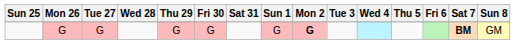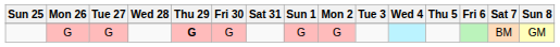 <table class="wikitable" style="margin:0.5em auto; font-size:90%; line-height:1.25em;">
 <tr align="center">
 <th>Sun 25</th>
 <th>Mon 26</th>
 <th>Tue 27</th>
 <th>Wed 28</th>
 <th>Thu 29</th>
 <th>Fri 30</th>
 <th>Sat 31</th>
 <th>Sun 1</th>
 <th>Mon 2</th>
 <th>Tue 3</th>
 <th>Wed 4</th>
 <th>Thu 5</th>
 <th>Fri 6</th>
 <th>Sat 7</th>
 <th>Sun 8</th>
 </tr>
 <tr>
 </tr>
 <tr align="center">
 <td></td>
 <td bgcolor="#FFBBBB">G</td>
 <td bgcolor="#FFBBBB">G</td>
 <td></td>
-<td bgcolor="#FFBBBB">G</td>
+<td bgcolor="#FFBBBB"><strong>G</strong></td>
 <td bgcolor="#FFBBBB">G</td>
 <td></td>
 <td bgcolor="#FFBBBB">G</td>
-<td bgcolor="#FFBBBB"><strong>G</strong></td>
+<td bgcolor="#FFBBBB">G</td>
 <td></td>
 <td bgcolor="#BBF3FF"></td>
 <td></td>
 <td bgcolor="#BBF3BB"></td>
-<td bgcolor="#FEDCBA"><strong>BM</strong></td>
+<td bgcolor="#FEDCBA">BM</td>
 <td bgcolor="#FFFFBB">GM</td>
 </tr>
 </table>
